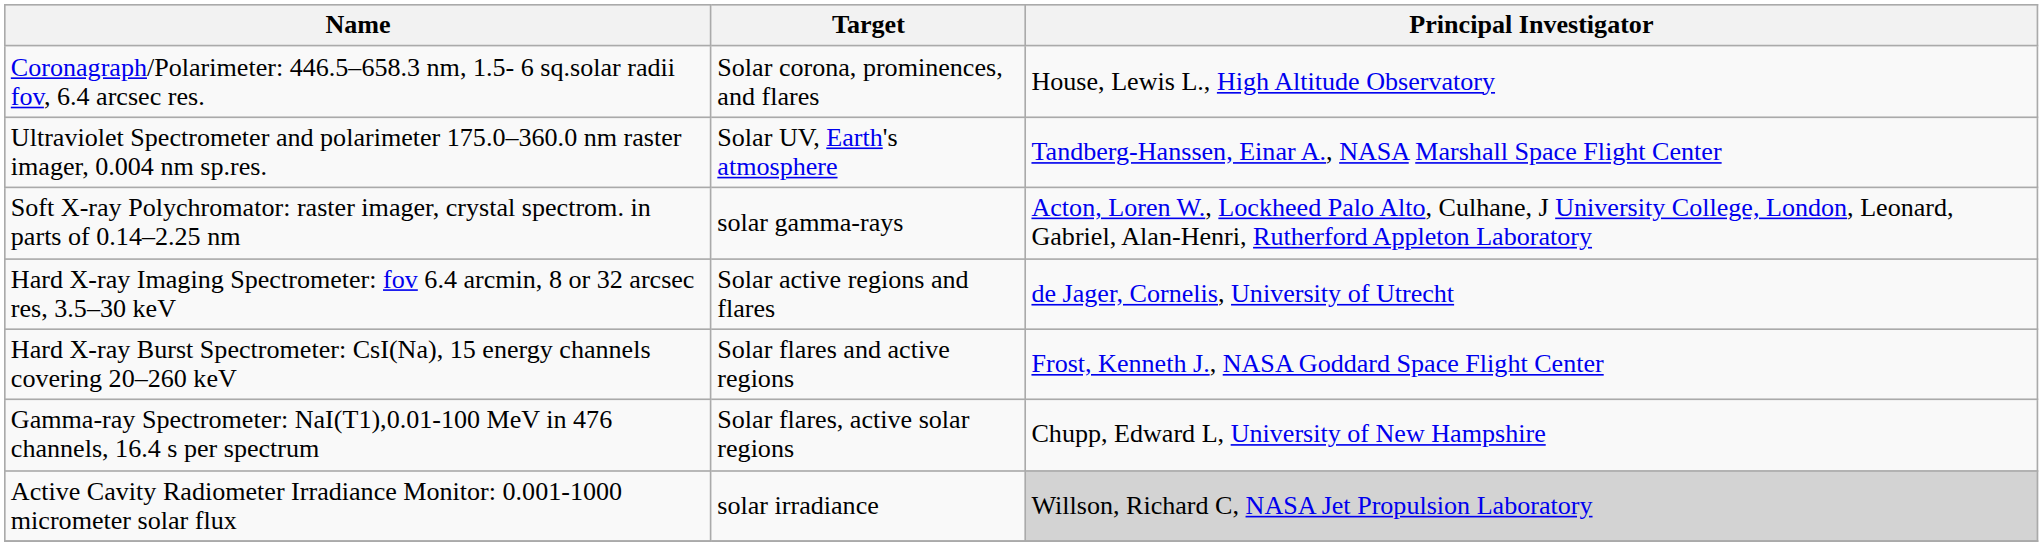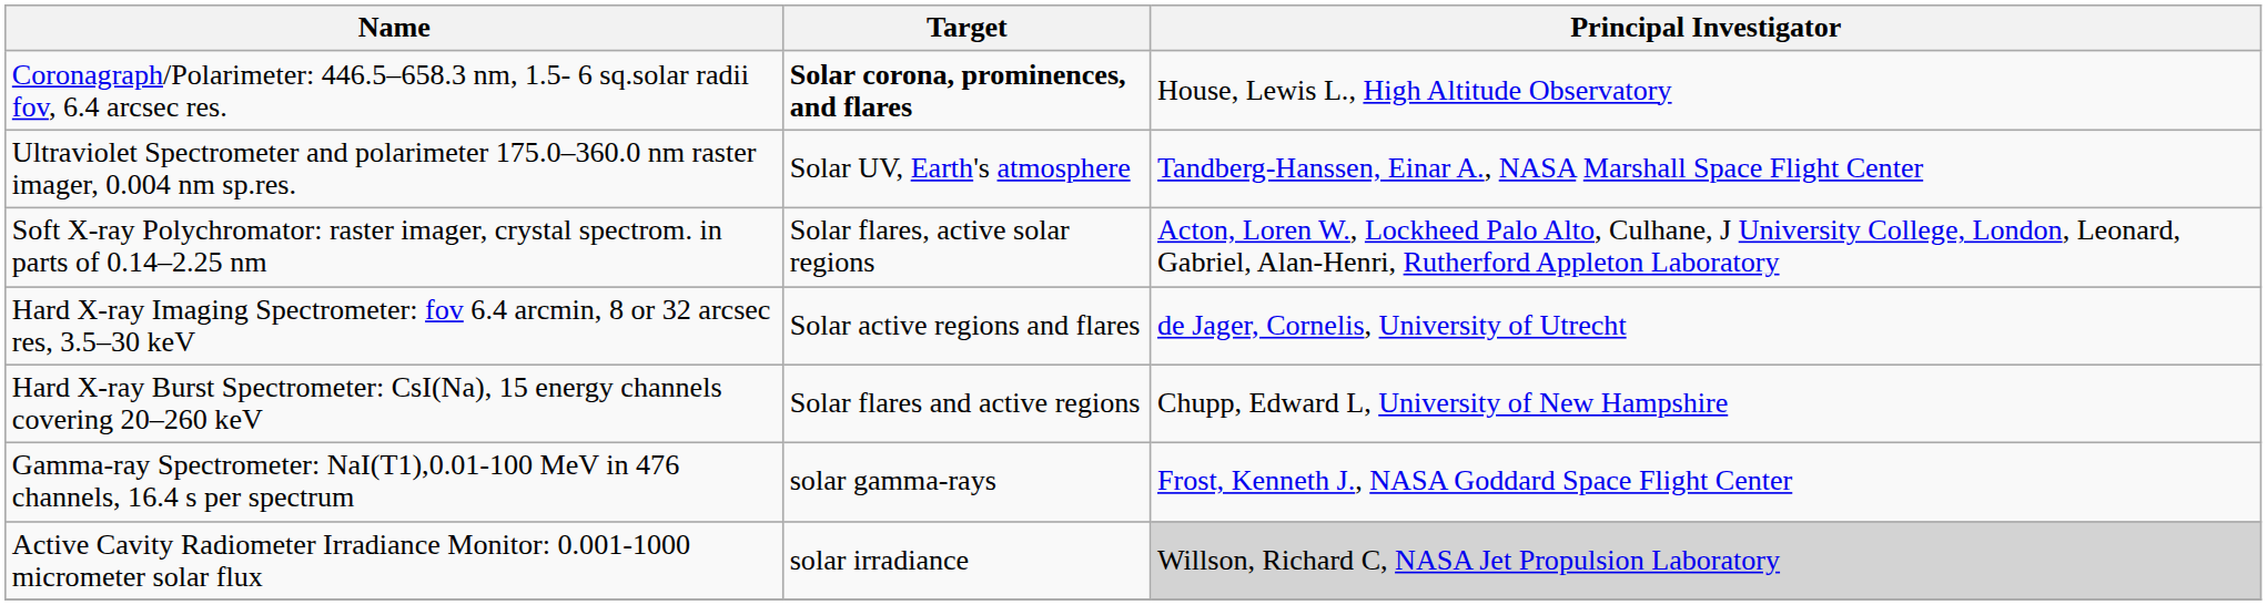 <table class="wikitable sortable">
 <tr>
 <th>Name</th>
 <th>Target</th>
 <th>Principal Investigator</th>
 </tr>
 <tr>
 <td><a href='#'>Coronagraph</a>/Polarimeter: 446.5–658.3 nm, 1.5- 6 sq.solar radii <a href='#'>fov</a>, 6.4 arcsec res.</td>
-<td>Solar corona, prominences, and flares</td>
+<td><strong>Solar corona, prominences, and flares</strong></td>
 <td>House, Lewis L., <a href='#'>High Altitude Observatory</a></td>
 </tr>
 <tr>
 <td>Ultraviolet Spectrometer and polarimeter 175.0–360.0 nm raster imager, 0.004 nm sp.res.</td>
 <td>Solar UV, <a href='#'>Earth</a>'s <a href='#'>atmosphere</a></td>
 <td><a href='#'>Tandberg-Hanssen, Einar A.</a>, <a href='#'>NASA</a> <a href='#'>Marshall Space Flight Center</a></td>
 </tr>
 <tr>
 <td>Soft X-ray Polychromator: raster imager, crystal spectrom. in parts of 0.14–2.25 nm</td>
-<td>solar gamma-rays</td>
+<td>Solar flares, active solar regions</td>
 <td><a href='#'>Acton, Loren W.</a>, <a href='#'>Lockheed Palo Alto</a>, Culhane, J <a href='#'>University College, London</a>, Leonard, Gabriel, Alan-Henri, <a href='#'>Rutherford Appleton Laboratory</a></td>
 </tr>
 <tr>
 <td>Hard X-ray Imaging Spectrometer: <a href='#'>fov</a> 6.4 arcmin, 8 or 32 arcsec res, 3.5–30 keV</td>
 <td>Solar active regions and flares</td>
 <td><a href='#'>de Jager, Cornelis</a>, <a href='#'>University of Utrecht</a></td>
 </tr>
 <tr>
 <td>Hard X-ray Burst Spectrometer: CsI(Na), 15 energy channels covering 20–260 keV</td>
 <td>Solar flares and active regions</td>
-<td><a href='#'>Frost, Kenneth J.</a>, <a href='#'>NASA Goddard Space Flight Center</a></td>
+<td>Chupp, Edward L, <a href='#'>University of New Hampshire</a></td>
 </tr>
 <tr>
 <td>Gamma-ray Spectrometer: NaI(T1),0.01-100 MeV in 476 channels, 16.4 s per spectrum</td>
-<td>Solar flares, active solar regions</td>
-<td>Chupp, Edward L, <a href='#'>University of New Hampshire</a></td>
+<td>solar gamma-rays</td>
+<td><a href='#'>Frost, Kenneth J.</a>, <a href='#'>NASA Goddard Space Flight Center</a></td>
 </tr>
 <tr>
 <td>Active Cavity Radiometer Irradiance Monitor: 0.001-1000 micrometer solar flux</td>
 <td>solar irradiance</td>
 <td style="background: lightgrey;">Willson, Richard C, <a href='#'>NASA Jet Propulsion Laboratory</a></td>
 </tr>
 <tr>
 </tr>
 </table>
